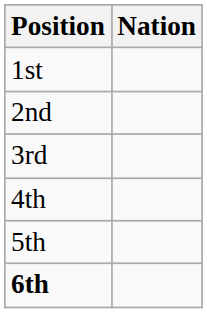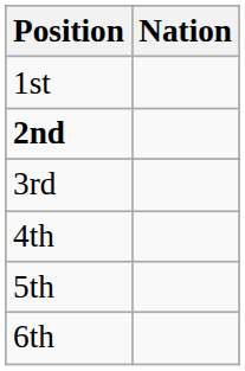 <table class="wikitable">
 <tr>
 <th>Position</th>
 <th>Nation</th>
 </tr>
 <tr>
 <td>1st</td>
 <td></td>
 </tr>
 <tr>
-<td>2nd</td>
+<td><strong>2nd</strong></td>
 <td></td>
 </tr>
 <tr>
 <td>3rd</td>
 <td></td>
 </tr>
 <tr>
 <td>4th</td>
 <td></td>
 </tr>
 <tr>
 <td>5th</td>
 <td></td>
 </tr>
 <tr>
-<td><strong>6th</strong></td>
+<td>6th</td>
 <td></td>
 </tr>
 </table>
